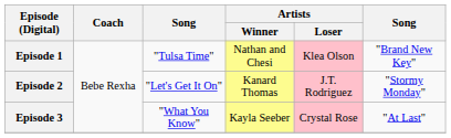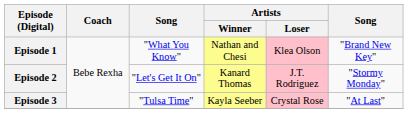 <table class="wikitable" style="text-align: center; width:100%;">
 <tr>
 <th rowspan="2" style="width:15%;">Episode (Digital)</th>
 <th rowspan="2" style="width:15%;">Coach</th>
 <th rowspan="2" style="width:18%;">Song</th>
 <th colspan="2" style="width:30%;">Artists</th>
 <th rowspan="2" style="width:18%;">Song</th>
 </tr>
 <tr>
 <th style="width:15%;">Winner</th>
 <th style="width:15%;">Loser</th>
 </tr>
 <tr>
 <th>Episode 1<br><small></small></th>
 <td rowspan="3">Bebe Rexha</td>
-<td>"<a href='#'>Tulsa Time</a>"</td>
+<td>"<a href='#'>What You Know</a>"</td>
 <td style="background:#fdfc8f;">Nathan and Chesi</td>
 <td style="background:pink;">Klea Olson</td>
 <td>"<a href='#'>Brand New Key</a>"</td>
 </tr>
 <tr>
 <th>Episode 2<br><small></small></th>
 <td>"<a href='#'>Let's Get It On</a>"</td>
 <td style="background:#fdfc8f;">Kanard Thomas</td>
 <td style="background:pink;">J.T. Rodriguez</td>
 <td>"<a href='#'>Stormy Monday</a>"</td>
 </tr>
 <tr>
 <th>Episode 3<br><small></small></th>
-<td>"<a href='#'>What You Know</a>"</td>
+<td>"<a href='#'>Tulsa Time</a>"</td>
 <td style="background:#fdfc8f;">Kayla Seeber</td>
 <td style="background:pink;">Crystal Rose</td>
 <td>"<a href='#'>At Last</a>"</td>
 </tr>
 <tr>
 </tr>
 </table>
